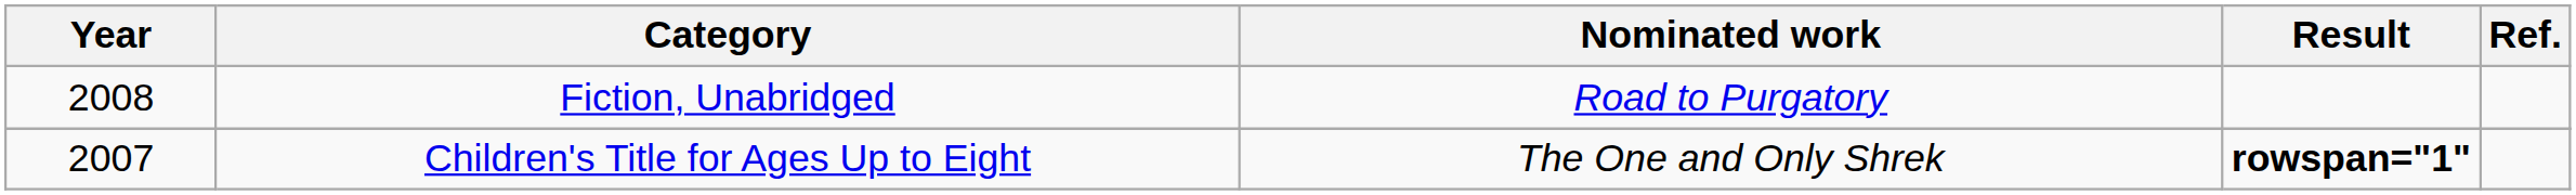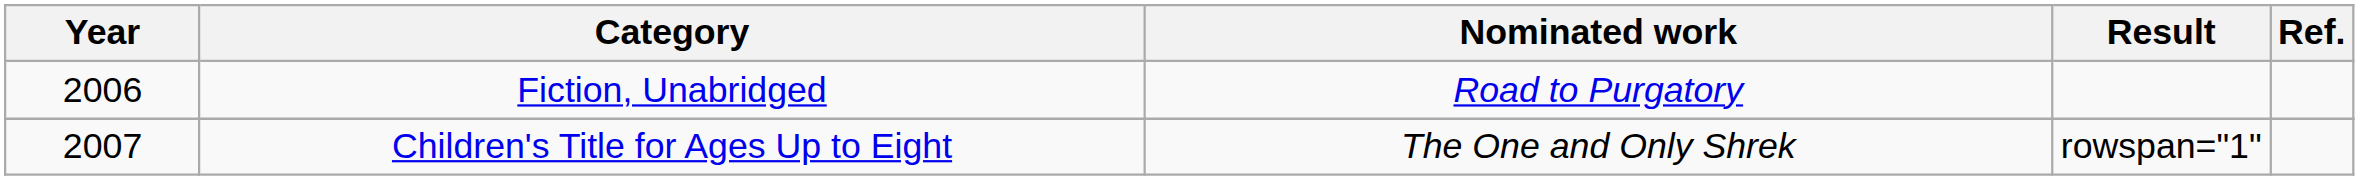 <table class="wikitable plainrowheaders" style="text-align:center;">
 <tr>
 <th scope="col" style="width:5em;">Year</th>
 <th scope="col" style="width:26em;">Category</th>
 <th scope="col" style="width:25em;">Nominated work</th>
 <th scope="col" style="width:5em;">Result</th>
 <th>Ref.</th>
 </tr>
 <tr>
-<td>2008</td>
+<td>2006</td>
 <td><a href='#'>Fiction, Unabridged</a></td>
 <td><em><a href='#'>Road to Purgatory</a></em></td>
 <td></td>
 <td></td>
 </tr>
 <tr>
 </tr>
 <tr>
 <td style="text-align:center;"rowspan="1">2007</td>
 <td><a href='#'>Children's Title for Ages Up to Eight</a> <br> </td>
 <td rowspan="1"><em>The One and Only Shrek</em></td>
-<td><strong>rowspan="1"</strong></td>
+<td>rowspan="1"</td>
 <td rowspan="1"></td>
 </tr>
 </table>
